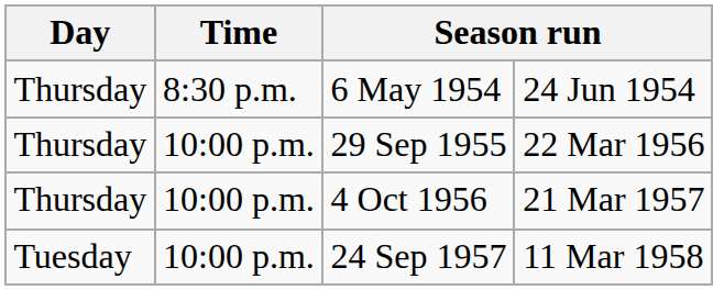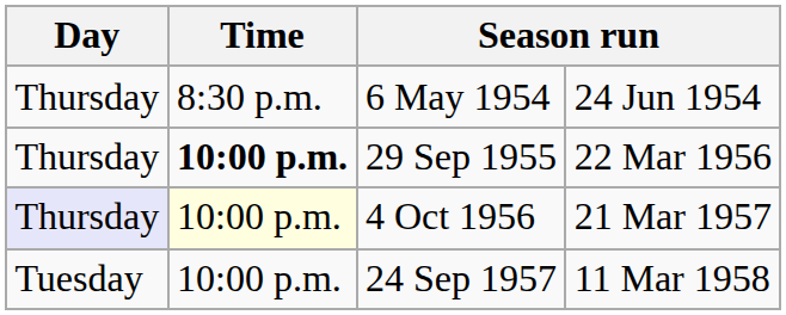 <table class="wikitable">
 <tr>
 <th>Day</th>
 <th>Time</th>
 <th colspan="2">Season run</th>
 </tr>
 <tr>
 <td>Thursday</td>
 <td>8:30 p.m.</td>
 <td>6 May 1954</td>
 <td>24 Jun 1954</td>
 </tr>
 <tr>
 <td>Thursday</td>
-<td>10:00 p.m.</td>
+<td><strong>10:00 p.m.</strong></td>
 <td>29 Sep 1955</td>
 <td>22 Mar 1956</td>
 </tr>
 <tr>
-<td>Thursday</td>
-<td>10:00 p.m.</td>
+<td style="background: lavender;">Thursday</td>
+<td style="background: lightyellow;">10:00 p.m.</td>
 <td>4 Oct 1956</td>
 <td>21 Mar 1957</td>
 </tr>
 <tr>
 <td>Tuesday</td>
 <td>10:00 p.m.</td>
 <td>24 Sep 1957</td>
 <td>11 Mar 1958</td>
 </tr>
 </table>
